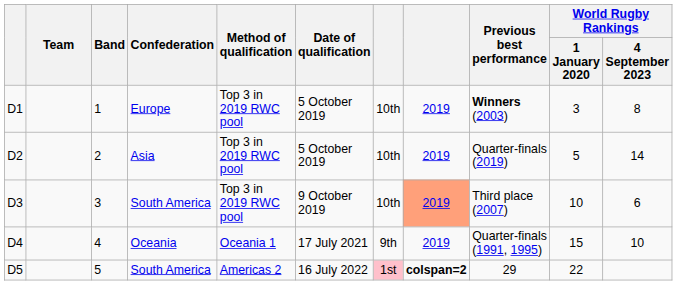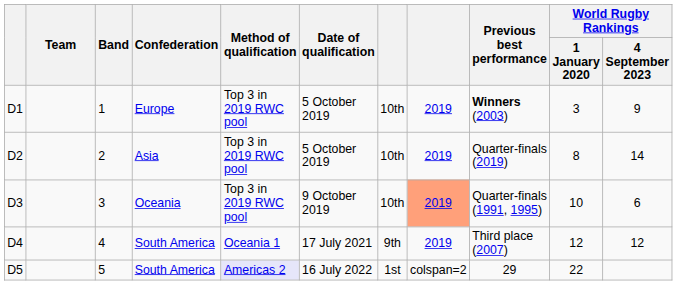 <table class="wikitable sortable">
 <tr>
 <th rowspan=2 width=15px></th>
 <th rowspan=2 width=175px>Team</th>
 <th rowspan=2 width=15px>Band</th>
 <th rowspan=2>Confederation</th>
 <th rowspan=2>Method of<br>qualification</th>
 <th rowspan=2>Date of<br>qualification</th>
 <th rowspan=2 data-sort-type="number"></th>
 <th rowspan=2></th>
 <th rowspan=2>Previous best<br>performance</th>
 <th colspan=2><a href='#'>World Rugby Rankings</a></th>
 </tr>
 <tr>
 <th>1 January 2020</th>
 <th>4 September 2023</th>
 </tr>
 <tr>
 <td style="text-align:center">D1</td>
 <td style=white-space:nowrap></td>
 <td>1</td>
 <td><a href='#'>Europe</a></td>
 <td><span>Top 3 in <a href='#'>2019 RWC pool</a></span></td>
 <td>5 October 2019</td>
 <td style="text-align:center">10th</td>
 <td style="text-align:center"><a href='#'>2019</a></td>
 <td data-sort-value="7.1"><strong>Winners</strong> (<a href='#'>2003</a>)</td>
 <td style="text-align:center">3</td>
-<td style="text-align:center">8</td>
+<td style="text-align:center">9</td>
 </tr>
 <tr>
 <td style="text-align:center">D2</td>
 <td style="white-space:nowrap"></td>
 <td>2</td>
 <td><a href='#'>Asia</a></td>
 <td>Top 3 in <a href='#'>2019 RWC pool</a></td>
 <td>5 October 2019</td>
 <td style="text-align:center">10th</td>
 <td style="text-align:center"><a href='#'>2019</a></td>
 <td data-sort-value="3.1">Quarter-finals (<a href='#'>2019</a>)</td>
-<td style="text-align:center">5</td>
+<td style="text-align:center">8</td>
 <td style="text-align:center">14</td>
 </tr>
 <tr>
 <td style="text-align:center">D3</td>
 <td style=white-space:nowrap></td>
 <td>3</td>
-<td><a href='#'>South America</a></td>
+<td><a href='#'>Oceania</a></td>
 <td>Top 3 in <a href='#'>2019 RWC pool</a></td>
 <td>9 October 2019</td>
 <td style="text-align:center">10th</td>
 <td style="background: lightsalmon; text-align:center"><a href='#'>2019</a></td>
-<td data-sort-value="5.1">Third place (<a href='#'>2007</a>)</td>
+<td data-sort-value="3.2">Quarter-finals (<a href='#'>1991</a>, <a href='#'>1995</a>)</td>
 <td style="text-align:center">10</td>
 <td style="text-align:center">6</td>
 </tr>
 <tr>
 <td style="text-align:center">D4</td>
 <td style=white-space:nowrap></td>
 <td>4</td>
-<td><a href='#'>Oceania</a></td>
+<td><a href='#'>South America</a></td>
 <td><a href='#'>Oceania 1</a></td>
 <td>17 July 2021</td>
 <td style="text-align:center">9th</td>
 <td style="text-align:center"><a href='#'>2019</a></td>
-<td data-sort-value="3.2">Quarter-finals (<a href='#'>1991</a>, <a href='#'>1995</a>)</td>
-<td style="text-align:center">15</td>
-<td style="text-align:center">10</td>
+<td data-sort-value="5.1">Third place (<a href='#'>2007</a>)</td>
+<td style="text-align:center">12</td>
+<td style="text-align:center">12</td>
 </tr>
 <tr>
 <td style="text-align:center">D5</td>
 <td style=white-space:nowrap></td>
 <td>5</td>
 <td><a href='#'>South America</a></td>
-<td><a href='#'>Americas 2</a></td>
+<td style="background: lavender;"><a href='#'>Americas 2</a></td>
 <td>16 July 2022</td>
-<td style="background: pink; text-align:center">1st</td>
-<td><strong>colspan=2 </strong></td>
+<td style="text-align:center">1st</td>
+<td>colspan=2 </td>
 <td style="text-align:center">29</td>
 <td style="text-align:center">22</td>
 </tr>
 </table>
